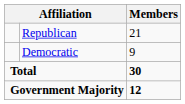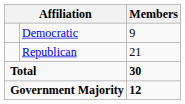 <table class="wikitable">
 <tr>
 <th colspan="2">Affiliation</th>
 <th>Members</th>
 </tr>
 <tr>
 <td style="background-color:"> </td>
-<td><a href='#'>Republican</a></td>
-<td>21</td>
+<td><a href='#'>Democratic</a></td>
+<td>9</td>
 </tr>
 <tr>
 <td style="background-color:"> </td>
-<td><a href='#'>Democratic</a></td>
-<td>9</td>
+<td><a href='#'>Republican</a></td>
+<td>21</td>
 </tr>
 <tr>
 <td colspan="2" rowspan="1"> <strong>Total</strong></td>
 <td><strong>30</strong></td>
 </tr>
 <tr>
 <td colspan="2" rowspan="1"> <strong>Government Majority</strong></td>
 <td><strong>12</strong></td>
 </tr>
 </table>
